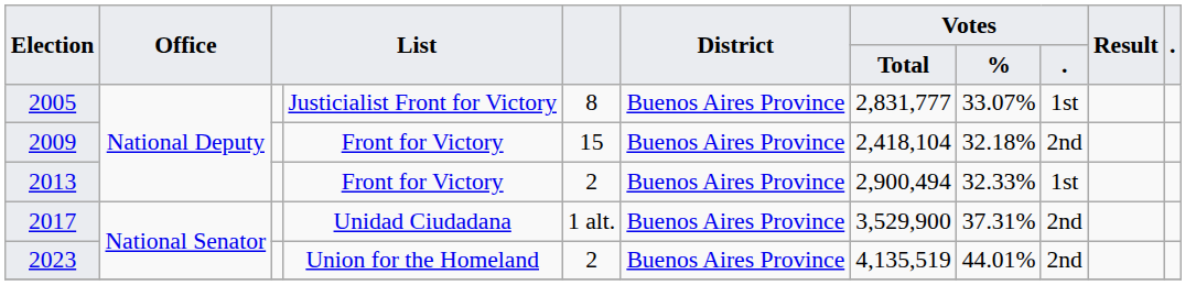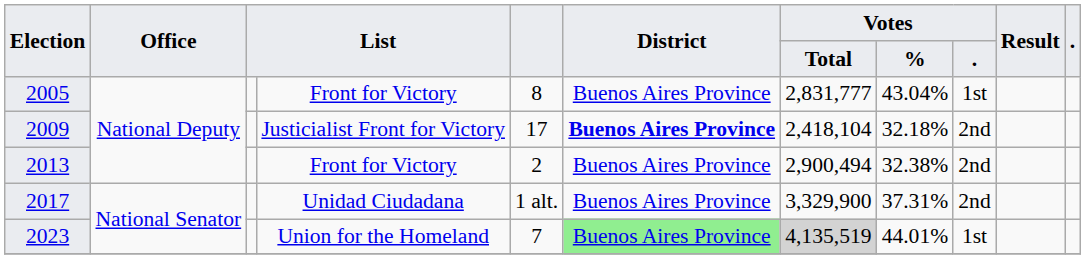 <table class="wikitable" style="font-size:90%; text-align:center;">
 <tr>
 <th style="background-color:#EAECF0;" rowspan=2>Election</th>
 <th style="background-color:#EAECF0;" rowspan=2>Office</th>
 <th style="background-color:#EAECF0;" colspan=2 rowspan=2>List</th>
 <th style="background-color:#EAECF0;" rowspan=2></th>
 <th style="background-color:#EAECF0;" rowspan=2>District</th>
 <th style="background-color:#EAECF0;" colspan=3>Votes</th>
 <th style="background-color:#EAECF0;" rowspan=2>Result</th>
 <th style="background-color:#EAECF0;" rowspan=2>.</th>
 </tr>
 <tr>
 <th style="background-color:#EAECF0;">Total</th>
 <th style="background-color:#EAECF0;">%</th>
 <th style="background-color:#EAECF0;">.</th>
 </tr>
 <tr>
 <td style="background-color:#EAECF0;"><a href='#'>2005</a></td>
 <td rowspan="3"><a href='#'>National Deputy</a></td>
 <td style="background-color:"></td>
-<td><a href='#'>Justicialist Front for Victory</a></td>
+<td><a href='#'>Front for Victory</a></td>
 <td>8</td>
 <td><a href='#'>Buenos Aires Province</a></td>
 <td>2,831,777</td>
-<td>33.07%</td>
+<td>43.04%</td>
 <td>1st</td>
 <td></td>
 <td></td>
 </tr>
 <tr>
 <td style="background-color:#EAECF0;"><a href='#'>2009</a></td>
 <td style="background-color:"></td>
-<td><a href='#'>Front for Victory</a></td>
-<td>15</td>
-<td><a href='#'>Buenos Aires Province</a></td>
+<td><a href='#'>Justicialist Front for Victory</a></td>
+<td>17</td>
+<td><strong><a href='#'>Buenos Aires Province</a></strong></td>
 <td>2,418,104</td>
 <td>32.18%</td>
 <td>2nd</td>
 <td></td>
 <td></td>
 </tr>
 <tr>
 <td style="background-color:#EAECF0;"><a href='#'>2013</a></td>
 <td style="background-color:"></td>
 <td><a href='#'>Front for Victory</a></td>
 <td>2</td>
 <td><a href='#'>Buenos Aires Province</a></td>
 <td>2,900,494</td>
-<td>32.33%</td>
-<td>1st</td>
+<td>32.38%</td>
+<td>2nd</td>
 <td></td>
 <td></td>
 </tr>
 <tr>
 <td style="background-color:#EAECF0;"><a href='#'>2017</a></td>
 <td rowspan="2"><a href='#'>National Senator</a></td>
 <td style="background-color:"></td>
 <td><a href='#'>Unidad Ciudadana</a></td>
 <td>1 alt.</td>
 <td><a href='#'>Buenos Aires Province</a></td>
-<td>3,529,900</td>
+<td>3,329,900</td>
 <td>37.31%</td>
 <td>2nd</td>
 <td></td>
 <td></td>
 </tr>
 <tr>
 <td style="background-color:#EAECF0;"><a href='#'>2023</a></td>
 <td style="background-color:"></td>
 <td><a href='#'>Union for the Homeland</a></td>
-<td>2</td>
-<td><a href='#'>Buenos Aires Province</a></td>
-<td>4,135,519</td>
+<td>7</td>
+<td style="background: lightgreen;"><a href='#'>Buenos Aires Province</a></td>
+<td style="background: lightgrey;">4,135,519</td>
 <td>44.01%</td>
-<td>2nd</td>
+<td>1st</td>
 <td></td>
 <td></td>
 </tr>
 <tr>
 </tr>
 </table>
